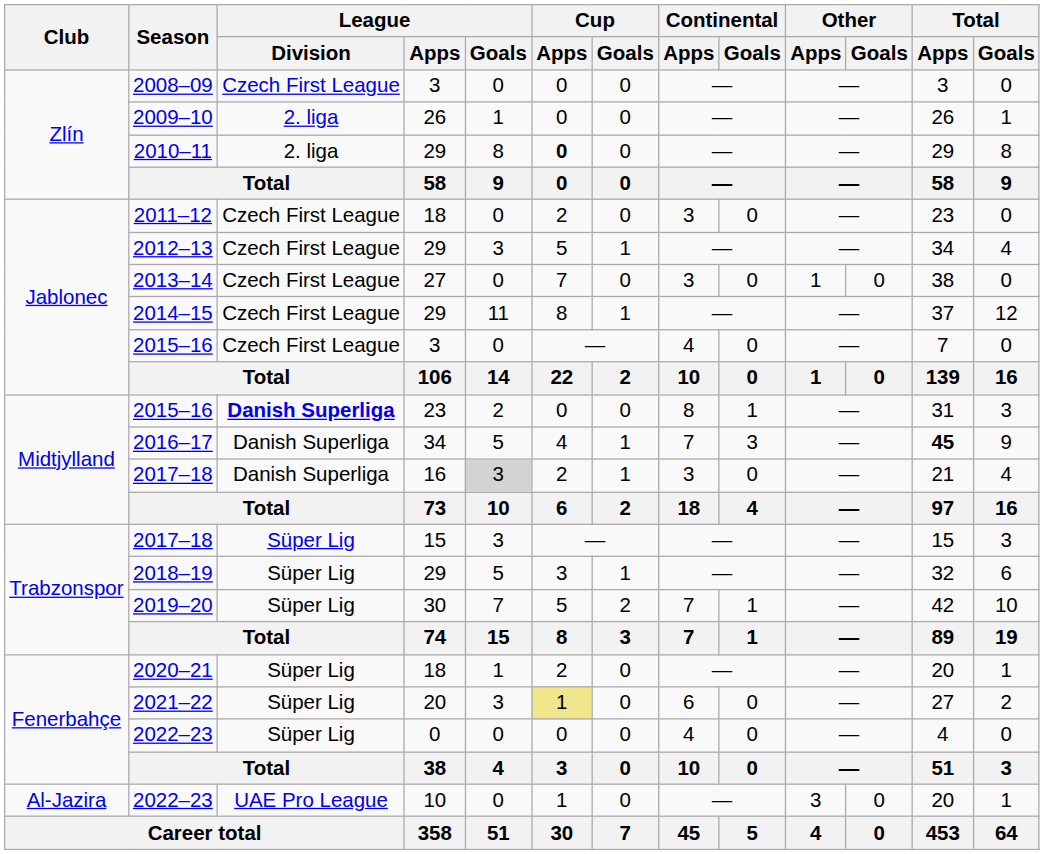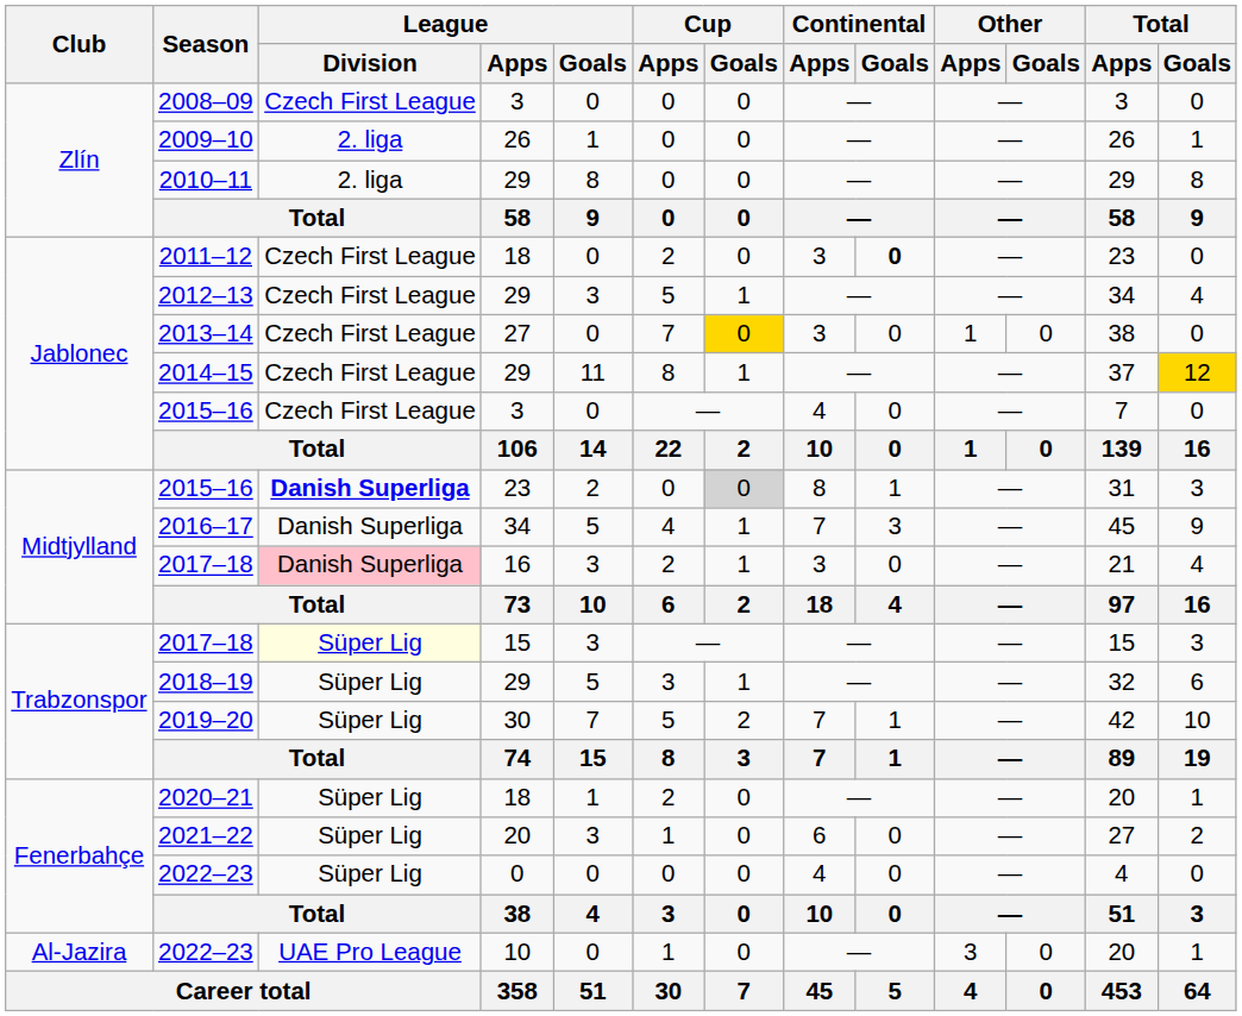 <table class="wikitable" style="text-align:center">
 <tr>
 <th rowspan="2">Club</th>
 <th rowspan="2">Season</th>
 <th colspan="3">League</th>
 <th colspan="2">Cup</th>
 <th colspan="2">Continental</th>
 <th colspan="2">Other</th>
 <th colspan="2">Total</th>
 </tr>
 <tr>
 <th>Division</th>
 <th>Apps</th>
 <th>Goals</th>
 <th>Apps</th>
 <th>Goals</th>
 <th>Apps</th>
 <th>Goals</th>
 <th>Apps</th>
 <th>Goals</th>
 <th>Apps</th>
 <th>Goals</th>
 </tr>
 <tr>
 <td rowspan="4"><a href='#'>Zlín</a></td>
 <td><a href='#'>2008–09</a></td>
 <td><a href='#'>Czech First League</a></td>
 <td>3</td>
 <td>0</td>
 <td>0</td>
 <td>0</td>
 <td colspan="2">—</td>
 <td colspan="2">—</td>
 <td>3</td>
 <td>0</td>
 </tr>
 <tr>
 <td><a href='#'>2009–10</a></td>
 <td><a href='#'>2. liga</a></td>
 <td>26</td>
 <td>1</td>
 <td>0</td>
 <td>0</td>
 <td colspan="2">—</td>
 <td colspan="2">—</td>
 <td>26</td>
 <td>1</td>
 </tr>
 <tr>
 <td><a href='#'>2010–11</a></td>
 <td>2. liga</td>
 <td>29</td>
 <td>8</td>
-<td><strong>0</strong></td>
+<td>0</td>
 <td>0</td>
 <td colspan="2">—</td>
 <td colspan="2">—</td>
 <td>29</td>
 <td>8</td>
 </tr>
 <tr>
 <th colspan="2">Total</th>
 <th>58</th>
 <th>9</th>
 <th>0</th>
 <th>0</th>
 <th colspan="2">—</th>
 <th colspan="2">—</th>
 <th>58</th>
 <th>9</th>
 </tr>
 <tr>
 <td rowspan="6"><a href='#'>Jablonec</a></td>
 <td><a href='#'>2011–12</a></td>
 <td>Czech First League</td>
 <td>18</td>
 <td>0</td>
 <td>2</td>
 <td>0</td>
 <td>3</td>
-<td>0</td>
+<td><strong>0</strong></td>
 <td colspan="2">—</td>
 <td>23</td>
 <td>0</td>
 </tr>
 <tr>
 <td><a href='#'>2012–13</a></td>
 <td>Czech First League</td>
 <td>29</td>
 <td>3</td>
 <td>5</td>
 <td>1</td>
 <td colspan="2">—</td>
 <td colspan="2">—</td>
 <td>34</td>
 <td>4</td>
 </tr>
 <tr>
 <td><a href='#'>2013–14</a></td>
 <td>Czech First League</td>
 <td>27</td>
 <td>0</td>
 <td>7</td>
-<td>0</td>
+<td style="background: gold;">0</td>
 <td>3</td>
 <td>0</td>
 <td>1</td>
 <td>0</td>
 <td>38</td>
 <td>0</td>
 </tr>
 <tr>
 <td><a href='#'>2014–15</a></td>
 <td>Czech First League</td>
 <td>29</td>
 <td>11</td>
 <td>8</td>
 <td>1</td>
 <td colspan="2">—</td>
 <td colspan="2">—</td>
 <td>37</td>
-<td>12</td>
+<td style="background: gold;">12</td>
 </tr>
 <tr>
 <td><a href='#'>2015–16</a></td>
 <td>Czech First League</td>
 <td>3</td>
 <td>0</td>
 <td colspan="2">—</td>
 <td>4</td>
 <td>0</td>
 <td colspan="2">—</td>
 <td>7</td>
 <td>0</td>
 </tr>
 <tr>
 <th colspan="2">Total</th>
 <th>106</th>
 <th>14</th>
 <th>22</th>
 <th>2</th>
 <th>10</th>
 <th>0</th>
 <th>1</th>
 <th>0</th>
 <th>139</th>
 <th>16</th>
 </tr>
 <tr>
 <td rowspan="4"><a href='#'>Midtjylland</a></td>
 <td><a href='#'>2015–16</a></td>
 <td><strong><a href='#'>Danish Superliga</a></strong></td>
 <td>23</td>
 <td>2</td>
 <td>0</td>
-<td>0</td>
+<td style="background: lightgrey;">0</td>
 <td>8</td>
 <td>1</td>
 <td colspan="2">—</td>
 <td>31</td>
 <td>3</td>
 </tr>
 <tr>
 <td><a href='#'>2016–17</a></td>
 <td>Danish Superliga</td>
 <td>34</td>
 <td>5</td>
 <td>4</td>
 <td>1</td>
 <td>7</td>
 <td>3</td>
 <td colspan="2">—</td>
-<td><strong>45</strong></td>
+<td>45</td>
 <td>9</td>
 </tr>
 <tr>
 <td><a href='#'>2017–18</a></td>
-<td>Danish Superliga</td>
+<td style="background: pink;">Danish Superliga</td>
 <td>16</td>
-<td style="background: lightgrey;">3</td>
+<td>3</td>
 <td>2</td>
 <td>1</td>
 <td>3</td>
 <td>0</td>
 <td colspan="2">—</td>
 <td>21</td>
 <td>4</td>
 </tr>
 <tr>
 <th colspan="2">Total</th>
 <th>73</th>
 <th>10</th>
 <th>6</th>
 <th>2</th>
 <th>18</th>
 <th>4</th>
 <th colspan="2">—</th>
 <th>97</th>
 <th>16</th>
 </tr>
 <tr>
 <td rowspan="4"><a href='#'>Trabzonspor</a></td>
 <td><a href='#'>2017–18</a></td>
-<td><a href='#'>Süper Lig</a></td>
+<td style="background: lightyellow;"><a href='#'>Süper Lig</a></td>
 <td>15</td>
 <td>3</td>
 <td colspan="2">—</td>
 <td colspan="2">—</td>
 <td colspan="2">—</td>
 <td>15</td>
 <td>3</td>
 </tr>
 <tr>
 <td><a href='#'>2018–19</a></td>
 <td>Süper Lig</td>
 <td>29</td>
 <td>5</td>
 <td>3</td>
 <td>1</td>
 <td colspan="2">—</td>
 <td colspan="2">—</td>
 <td>32</td>
 <td>6</td>
 </tr>
 <tr>
 <td><a href='#'>2019–20</a></td>
 <td>Süper Lig</td>
 <td>30</td>
 <td>7</td>
 <td>5</td>
 <td>2</td>
 <td>7</td>
 <td>1</td>
 <td colspan="2">—</td>
 <td>42</td>
 <td>10</td>
 </tr>
 <tr>
 <th colspan="2">Total</th>
 <th>74</th>
 <th>15</th>
 <th>8</th>
 <th>3</th>
 <th>7</th>
 <th>1</th>
 <th colspan="2">—</th>
 <th>89</th>
 <th>19</th>
 </tr>
 <tr>
 <td rowspan="4"><a href='#'>Fenerbahçe</a></td>
 <td><a href='#'>2020–21</a></td>
 <td>Süper Lig</td>
 <td>18</td>
 <td>1</td>
 <td>2</td>
 <td>0</td>
 <td colspan="2">—</td>
 <td colspan="2">—</td>
 <td>20</td>
 <td>1</td>
 </tr>
 <tr>
 <td><a href='#'>2021–22</a></td>
 <td>Süper Lig</td>
 <td>20</td>
 <td>3</td>
-<td style="background: khaki;">1</td>
+<td>1</td>
 <td>0</td>
 <td>6</td>
 <td>0</td>
 <td colspan="2">—</td>
 <td>27</td>
 <td>2</td>
 </tr>
 <tr>
 <td><a href='#'>2022–23</a></td>
 <td>Süper Lig</td>
 <td>0</td>
 <td>0</td>
 <td>0</td>
 <td>0</td>
 <td>4</td>
 <td>0</td>
 <td colspan="2">—</td>
 <td>4</td>
 <td>0</td>
 </tr>
 <tr>
 <th colspan="2">Total</th>
 <th>38</th>
 <th>4</th>
 <th>3</th>
 <th>0</th>
 <th>10</th>
 <th>0</th>
 <th colspan="2">—</th>
 <th>51</th>
 <th>3</th>
 </tr>
 <tr>
 <td rowspan="1"><a href='#'>Al-Jazira</a></td>
 <td><a href='#'>2022–23</a></td>
 <td><a href='#'>UAE Pro League</a></td>
 <td>10</td>
 <td>0</td>
 <td>1</td>
 <td>0</td>
 <td colspan="2">—</td>
 <td>3</td>
 <td>0</td>
 <td>20</td>
 <td>1</td>
 </tr>
 <tr>
 <th colspan="3">Career total</th>
 <th>358</th>
 <th>51</th>
 <th>30</th>
 <th>7</th>
 <th>45</th>
 <th>5</th>
 <th>4</th>
 <th>0</th>
 <th>453</th>
 <th>64</th>
 </tr>
 </table>
